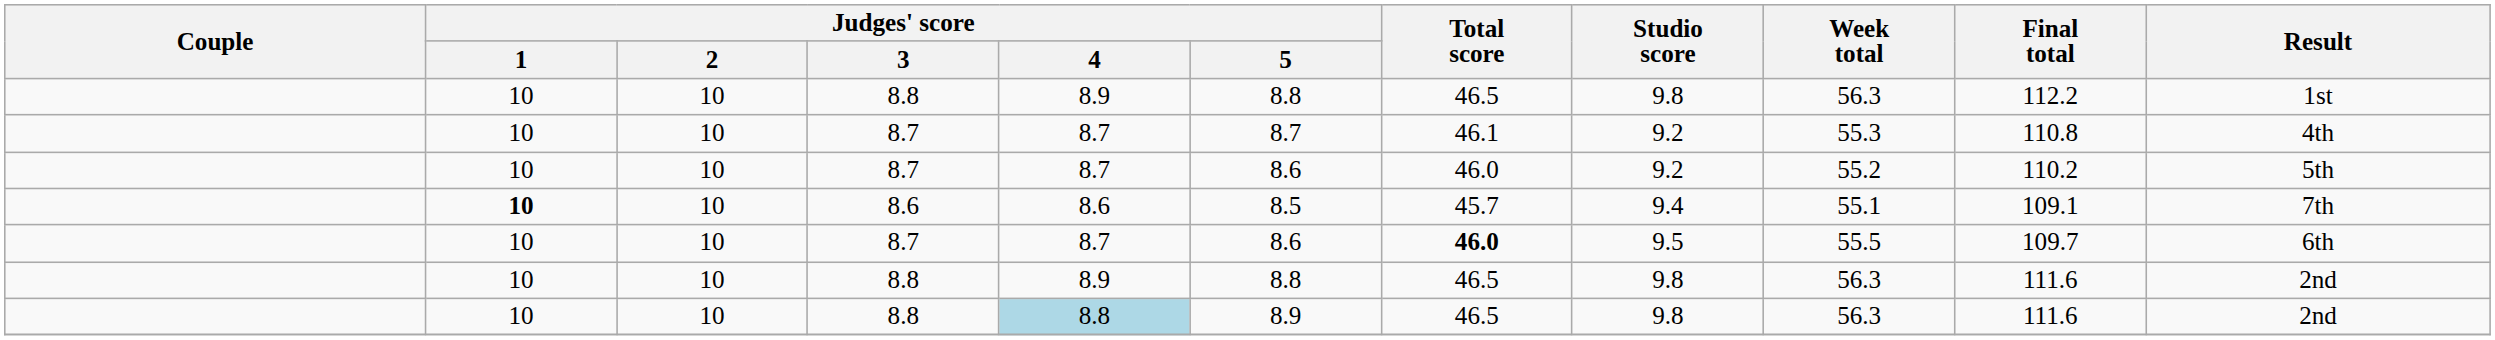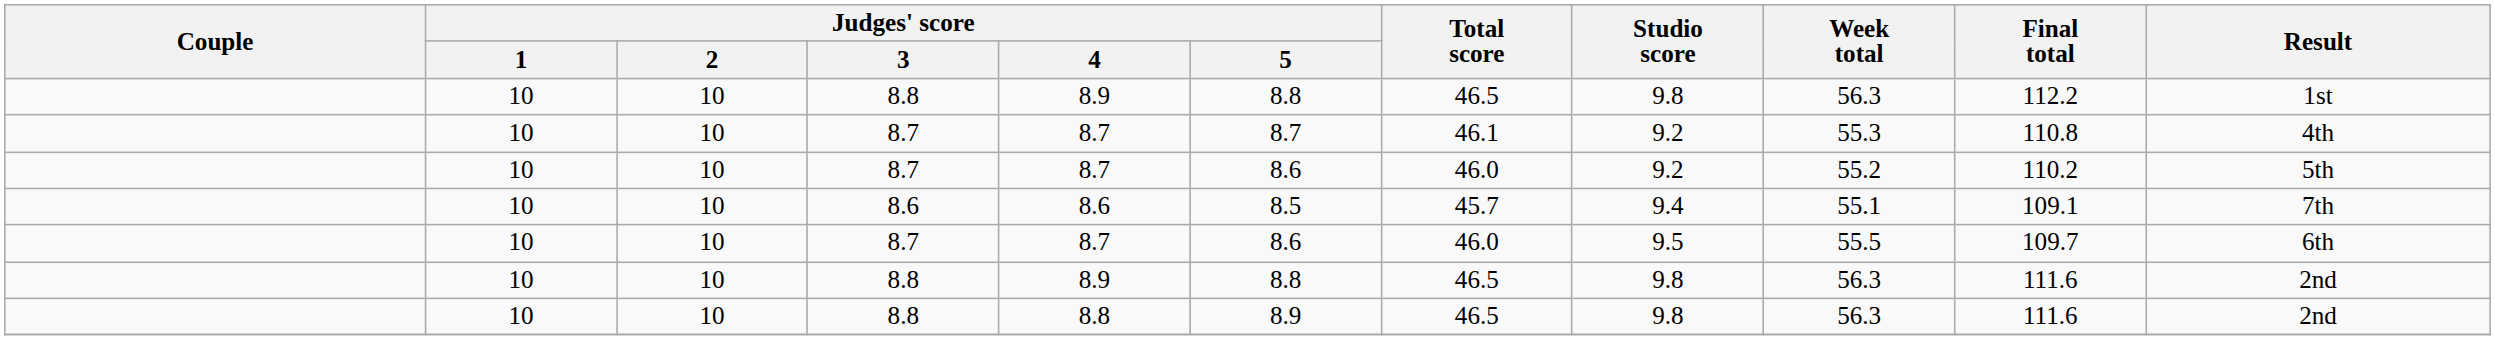 <table class="wikitable" style="font-size:100%; line-height:16px; text-align:center" width="100%">
 <tr>
 <th rowspan=2 width="11.00%">Couple</th>
 <th colspan=5 width="25.00%">Judges' score</th>
 <th rowspan=2 width="05.00%">Total<br>score</th>
 <th rowspan=2 width="05.00%">Studio<br>score</th>
 <th rowspan=2 width="05.00%">Week<br>total</th>
 <th rowspan=2 width="05.00%">Final<br>total</th>
 <th rowspan=2 width="09.00%">Result</th>
 </tr>
 <tr>
 <th width="05%">1</th>
 <th width="05%">2</th>
 <th width="05%">3</th>
 <th width="05%">4</th>
 <th width="05%">5</th>
 </tr>
 <tr>
 <td></td>
 <td>10</td>
 <td>10</td>
 <td>8.8</td>
 <td>8.9</td>
 <td>8.8</td>
 <td>46.5</td>
 <td>9.8</td>
 <td>56.3</td>
 <td>112.2</td>
 <td>1st</td>
 </tr>
 <tr>
 <td></td>
 <td>10</td>
 <td>10</td>
 <td>8.7</td>
 <td>8.7</td>
 <td>8.7</td>
 <td>46.1</td>
 <td>9.2</td>
 <td>55.3</td>
 <td>110.8</td>
 <td>4th</td>
 </tr>
 <tr>
 <td></td>
 <td>10</td>
 <td>10</td>
 <td>8.7</td>
 <td>8.7</td>
 <td>8.6</td>
 <td>46.0</td>
 <td>9.2</td>
 <td>55.2</td>
 <td>110.2</td>
 <td>5th</td>
 </tr>
 <tr>
 <td></td>
-<td><strong>10</strong></td>
+<td>10</td>
 <td>10</td>
 <td>8.6</td>
 <td>8.6</td>
 <td>8.5</td>
 <td>45.7</td>
 <td>9.4</td>
 <td>55.1</td>
 <td>109.1</td>
 <td>7th</td>
 </tr>
 <tr>
 <td></td>
 <td>10</td>
 <td>10</td>
 <td>8.7</td>
 <td>8.7</td>
 <td>8.6</td>
-<td><strong>46.0</strong></td>
+<td>46.0</td>
 <td>9.5</td>
 <td>55.5</td>
 <td>109.7</td>
 <td>6th</td>
 </tr>
 <tr>
 <td></td>
 <td>10</td>
 <td>10</td>
 <td>8.8</td>
 <td>8.9</td>
 <td>8.8</td>
 <td>46.5</td>
 <td>9.8</td>
 <td>56.3</td>
 <td>111.6</td>
 <td>2nd</td>
 </tr>
 <tr>
 <td></td>
 <td>10</td>
 <td>10</td>
 <td>8.8</td>
-<td style="background: lightblue;">8.8</td>
+<td>8.8</td>
 <td>8.9</td>
 <td>46.5</td>
 <td>9.8</td>
 <td>56.3</td>
 <td>111.6</td>
 <td>2nd</td>
 </tr>
 <tr>
 </tr>
 </table>
